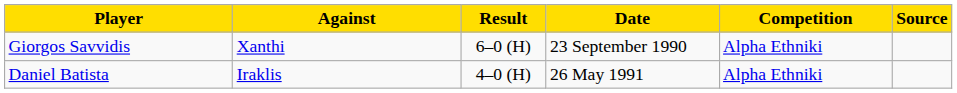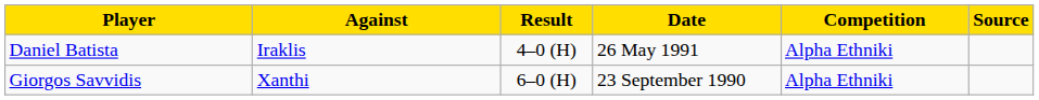 <table class="wikitable">
 <tr>
 <th width=200 style="background:#FFDE00">Player</th>
 <th width=200 style="background:#FFDE00">Against</th>
 <th width=70 style="background:#FFDE00">Result</th>
 <th width=150 style="background:#FFDE00">Date</th>
 <th width=150 style="background:#FFDE00">Competition</th>
 <th style="background:#FFDE00">Source</th>
 </tr>
 <tr>
+<td> <a href='#'>Daniel Batista</a></td>
+<td> <a href='#'>Iraklis</a></td>
+<td align=center>4–0 (H)</td>
+<td>26 May 1991</td>
+<td><a href='#'>Alpha Ethniki</a></td>
+<td align=center></td>
+</tr>
+<tr>
 <td> <a href='#'>Giorgos Savvidis</a></td>
 <td> <a href='#'>Xanthi</a></td>
 <td align=center>6–0 (H)</td>
 <td>23 September 1990</td>
 <td><a href='#'>Alpha Ethniki</a></td>
 <td align=center></td>
 </tr>
-<tr>
-<td> <a href='#'>Daniel Batista</a></td>
-<td> <a href='#'>Iraklis</a></td>
-<td align=center>4–0 (H)</td>
-<td>26 May 1991</td>
-<td><a href='#'>Alpha Ethniki</a></td>
-<td align=center></td>
-</tr>
 </table>
